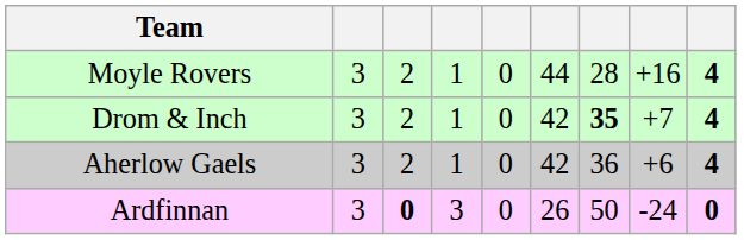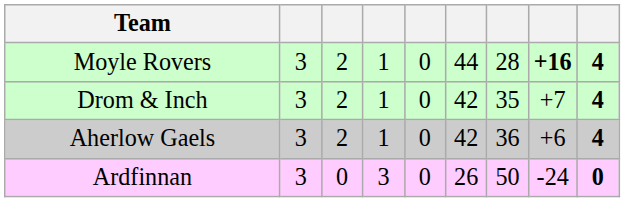 <table class="wikitable" style="text-align:center">
 <tr>
 <th style="width:175px;">Team</th>
 <th width="20"></th>
 <th width="20"></th>
 <th width="20"></th>
 <th width="20"></th>
 <th width="20"></th>
 <th width="20"></th>
 <th width="20"></th>
 <th width="20"></th>
 </tr>
 <tr style="background:#cfc;">
 <td>Moyle Rovers</td>
 <td>3</td>
 <td>2</td>
 <td>1</td>
 <td>0</td>
 <td>44</td>
 <td>28</td>
-<td>+16</td>
+<td><strong>+16</strong></td>
 <td><strong>4</strong></td>
 </tr>
 <tr style="background:#cfc;">
 <td>Drom & Inch</td>
 <td>3</td>
 <td>2</td>
 <td>1</td>
 <td>0</td>
 <td>42</td>
-<td><strong>35</strong></td>
+<td>35</td>
 <td>+7</td>
 <td><strong>4</strong></td>
 </tr>
 <tr style="background:#ccc;">
 <td>Aherlow Gaels</td>
 <td>3</td>
 <td>2</td>
 <td>1</td>
 <td>0</td>
 <td>42</td>
 <td>36</td>
 <td>+6</td>
 <td><strong>4</strong></td>
 </tr>
 <tr style="background:#fcf;">
 <td>Ardfinnan</td>
 <td>3</td>
-<td><strong>0</strong></td>
+<td>0</td>
 <td>3</td>
 <td>0</td>
 <td>26</td>
 <td>50</td>
 <td>-24</td>
 <td><strong>0</strong></td>
 </tr>
 </table>
